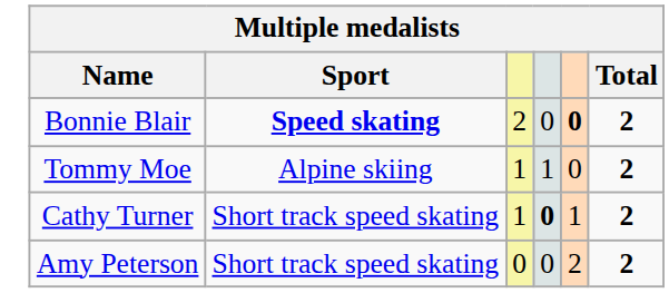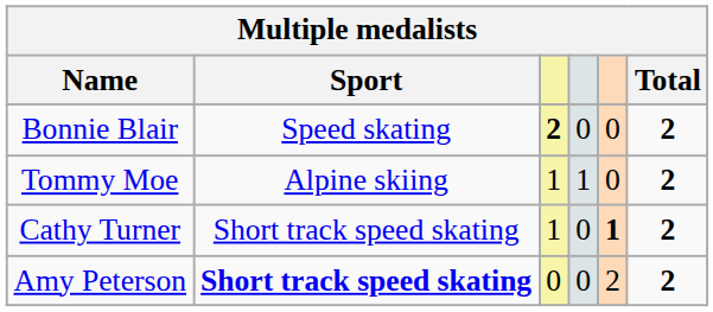 <table class=wikitable style=font-size:85%;float:right;text-align:center>
 <tr>
 <th colspan=7>Multiple medalists</th>
 </tr>
 <tr>
 <th>Name</th>
 <th>Sport</th>
 <td bgcolor=F7F6A8></td>
 <td bgcolor=DCE5E5></td>
 <td bgcolor=FFDAB9></td>
 <th>Total</th>
 </tr>
 <tr>
 <td><a href='#'>Bonnie Blair</a></td>
-<td><strong><a href='#'>Speed skating</a></strong></td>
-<td bgcolor=F7F6A8>2</td>
+<td><a href='#'>Speed skating</a></td>
+<td bgcolor=F7F6A8><strong>2</strong></td>
 <td bgcolor=DCE5E5>0</td>
-<td bgcolor=FFDAB9><strong>0</strong></td>
+<td bgcolor=FFDAB9>0</td>
 <td><strong>2</strong></td>
 </tr>
 <tr>
 <td><a href='#'>Tommy Moe</a></td>
 <td><a href='#'>Alpine skiing</a></td>
 <td bgcolor=F7F6A8>1</td>
 <td bgcolor=DCE5E5>1</td>
 <td bgcolor=FFDAB9>0</td>
 <td><strong>2</strong></td>
 </tr>
 <tr>
 <td><a href='#'>Cathy Turner</a></td>
 <td><a href='#'>Short track speed skating</a></td>
 <td bgcolor=F7F6A8>1</td>
-<td bgcolor=DCE5E5><strong>0</strong></td>
-<td bgcolor=FFDAB9>1</td>
+<td bgcolor=DCE5E5>0</td>
+<td bgcolor=FFDAB9><strong>1</strong></td>
 <td><strong>2</strong></td>
 </tr>
 <tr>
 <td><a href='#'>Amy Peterson</a></td>
-<td><a href='#'>Short track speed skating</a></td>
+<td><strong><a href='#'>Short track speed skating</a></strong></td>
 <td bgcolor=F7F6A8>0</td>
 <td bgcolor=DCE5E5>0</td>
 <td bgcolor=FFDAB9>2</td>
 <td><strong>2</strong></td>
 </tr>
 </table>
